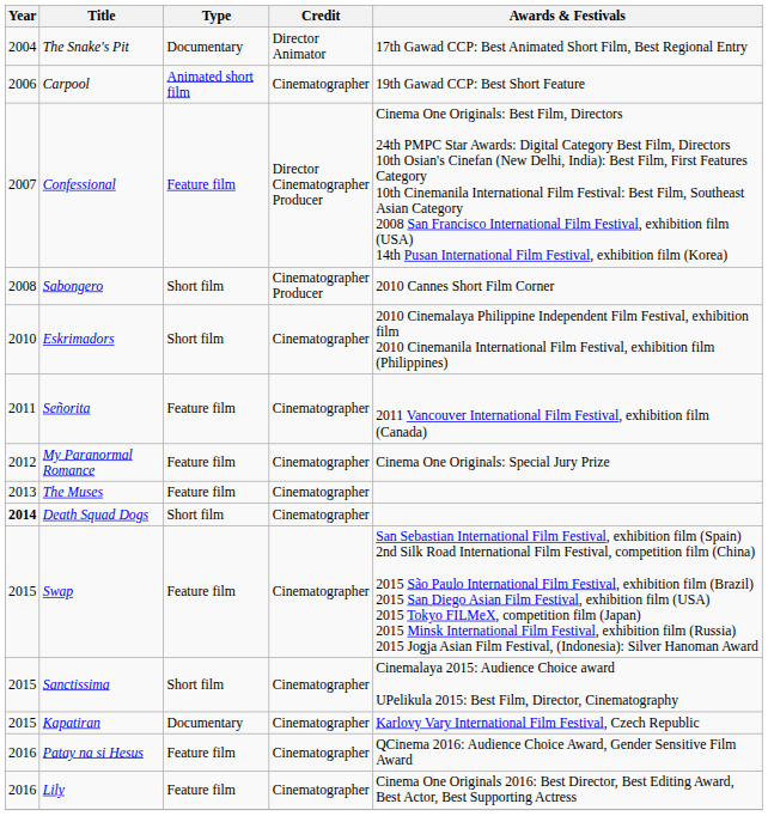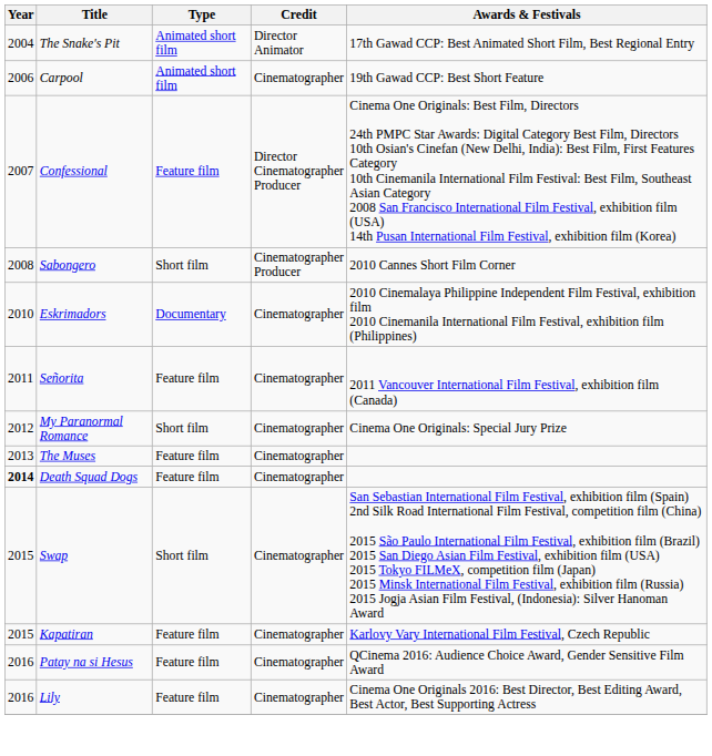 <table class="wikitable">
 <tr>
 <th>Year</th>
 <th>Title</th>
 <th>Type</th>
 <th>Credit</th>
 <th>Awards & Festivals</th>
 </tr>
 <tr>
 <td>2004</td>
 <td><em>The Snake's Pit</em></td>
-<td>Documentary</td>
+<td><a href='#'>Animated short film</a></td>
 <td>Director<br>Animator</td>
 <td>17th Gawad CCP: Best Animated Short Film, Best Regional Entry<br></td>
 </tr>
 <tr>
 <td>2006</td>
 <td><em>Carpool</em></td>
 <td><a href='#'>Animated short film</a></td>
 <td>Cinematographer</td>
 <td>19th Gawad CCP: Best Short Feature</td>
 </tr>
 <tr>
 <td>2007</td>
 <td><em><a href='#'>Confessional</a></em></td>
 <td><a href='#'>Feature film</a></td>
 <td>Director<br> Cinematographer<br> Producer</td>
 <td>Cinema One Originals: Best Film, Directors <br><br>24th PMPC Star Awards: Digital Category Best Film, Directors <br> 10th Osian's Cinefan (New Delhi, India): Best Film, First Features Category <br> 10th Cinemanila International Film Festival: Best Film, Southeast Asian Category <br> 2008 <a href='#'>San Francisco International Film Festival</a>, exhibition film (USA) <br> 14th <a href='#'>Pusan International Film Festival</a>, exhibition film (Korea)</td>
 </tr>
 <tr>
 <td>2008</td>
 <td><em><a href='#'>Sabongero</a></em></td>
 <td>Short film</td>
 <td>Cinematographer <br> Producer</td>
 <td>2010 Cannes Short Film Corner</td>
 </tr>
 <tr>
 <td>2010</td>
 <td><em><a href='#'>Eskrimadors</a></em></td>
-<td>Short film</td>
+<td><a href='#'>Documentary</a></td>
 <td>Cinematographer</td>
 <td>2010 Cinemalaya Philippine Independent Film Festival, exhibition film<br>2010 Cinemanila International Film Festival, exhibition film (Philippines)</td>
 </tr>
 <tr>
 <td>2011</td>
 <td><em><a href='#'>Señorita</a></em></td>
 <td>Feature film</td>
 <td>Cinematographer</td>
 <td><br><br>2011 <a href='#'>Vancouver International Film Festival</a>, exhibition film (Canada)</td>
 </tr>
 <tr>
 <td>2012</td>
 <td><em><a href='#'>My Paranormal Romance</a></em></td>
-<td>Feature film</td>
+<td>Short film</td>
 <td>Cinematographer</td>
 <td>Cinema One Originals: Special Jury Prize</td>
 </tr>
 <tr>
 <td>2013</td>
 <td><em><a href='#'>The Muses</a></em></td>
 <td>Feature film</td>
 <td>Cinematographer</td>
 <td></td>
 </tr>
 <tr>
 <td><strong>2014</strong></td>
 <td><em><a href='#'>Death Squad Dogs</a></em></td>
-<td>Short film</td>
+<td>Feature film</td>
 <td>Cinematographer</td>
 <td></td>
 </tr>
 <tr>
 <td>2015</td>
 <td><em><a href='#'>Swap</a></em></td>
-<td>Feature film</td>
+<td>Short film</td>
 <td>Cinematographer</td>
 <td><a href='#'>San Sebastian International Film Festival</a>, exhibition film (Spain) <br>2nd Silk Road International Film Festival, competition film (China) <br><br>2015 <a href='#'>São Paulo International Film Festival</a>, exhibition film (Brazil) <br> 2015 <a href='#'>San Diego Asian Film Festival</a>, exhibition film (USA)<br> 2015 <a href='#'>Tokyo FILMeX</a>, competition film (Japan) <br> 2015 <a href='#'>Minsk International Film Festival</a>, exhibition film (Russia) <br> 2015 Jogja Asian Film Festival, (Indonesia): Silver Hanoman Award <br></td>
 </tr>
 <tr>
 <td>2015</td>
-<td><em><a href='#'>Sanctissima</a></em></td>
-<td>Short film</td>
-<td>Cinematographer</td>
-<td>Cinemalaya 2015: Audience Choice award<br><br>UPelikula 2015: Best Film, Director, Cinematography</td>
-</tr>
-<tr>
-<td>2015</td>
 <td><em><a href='#'>Kapatiran</a></em></td>
-<td>Documentary</td>
+<td>Feature film</td>
 <td>Cinematographer</td>
 <td><a href='#'>Karlovy Vary International Film Festival</a>, Czech Republic</td>
 </tr>
 <tr>
 <td>2016</td>
 <td><em><a href='#'>Patay na si Hesus</a></em></td>
 <td>Feature film</td>
 <td>Cinematographer</td>
 <td>QCinema 2016: Audience Choice Award, Gender Sensitive Film Award</td>
 </tr>
 <tr>
 <td>2016</td>
 <td><em><a href='#'>Lily</a></em></td>
 <td>Feature film</td>
 <td>Cinematographer</td>
 <td>Cinema One Originals 2016: Best Director, Best Editing Award, Best Actor, Best Supporting Actress</td>
 </tr>
 <tr>
 </tr>
 </table>
